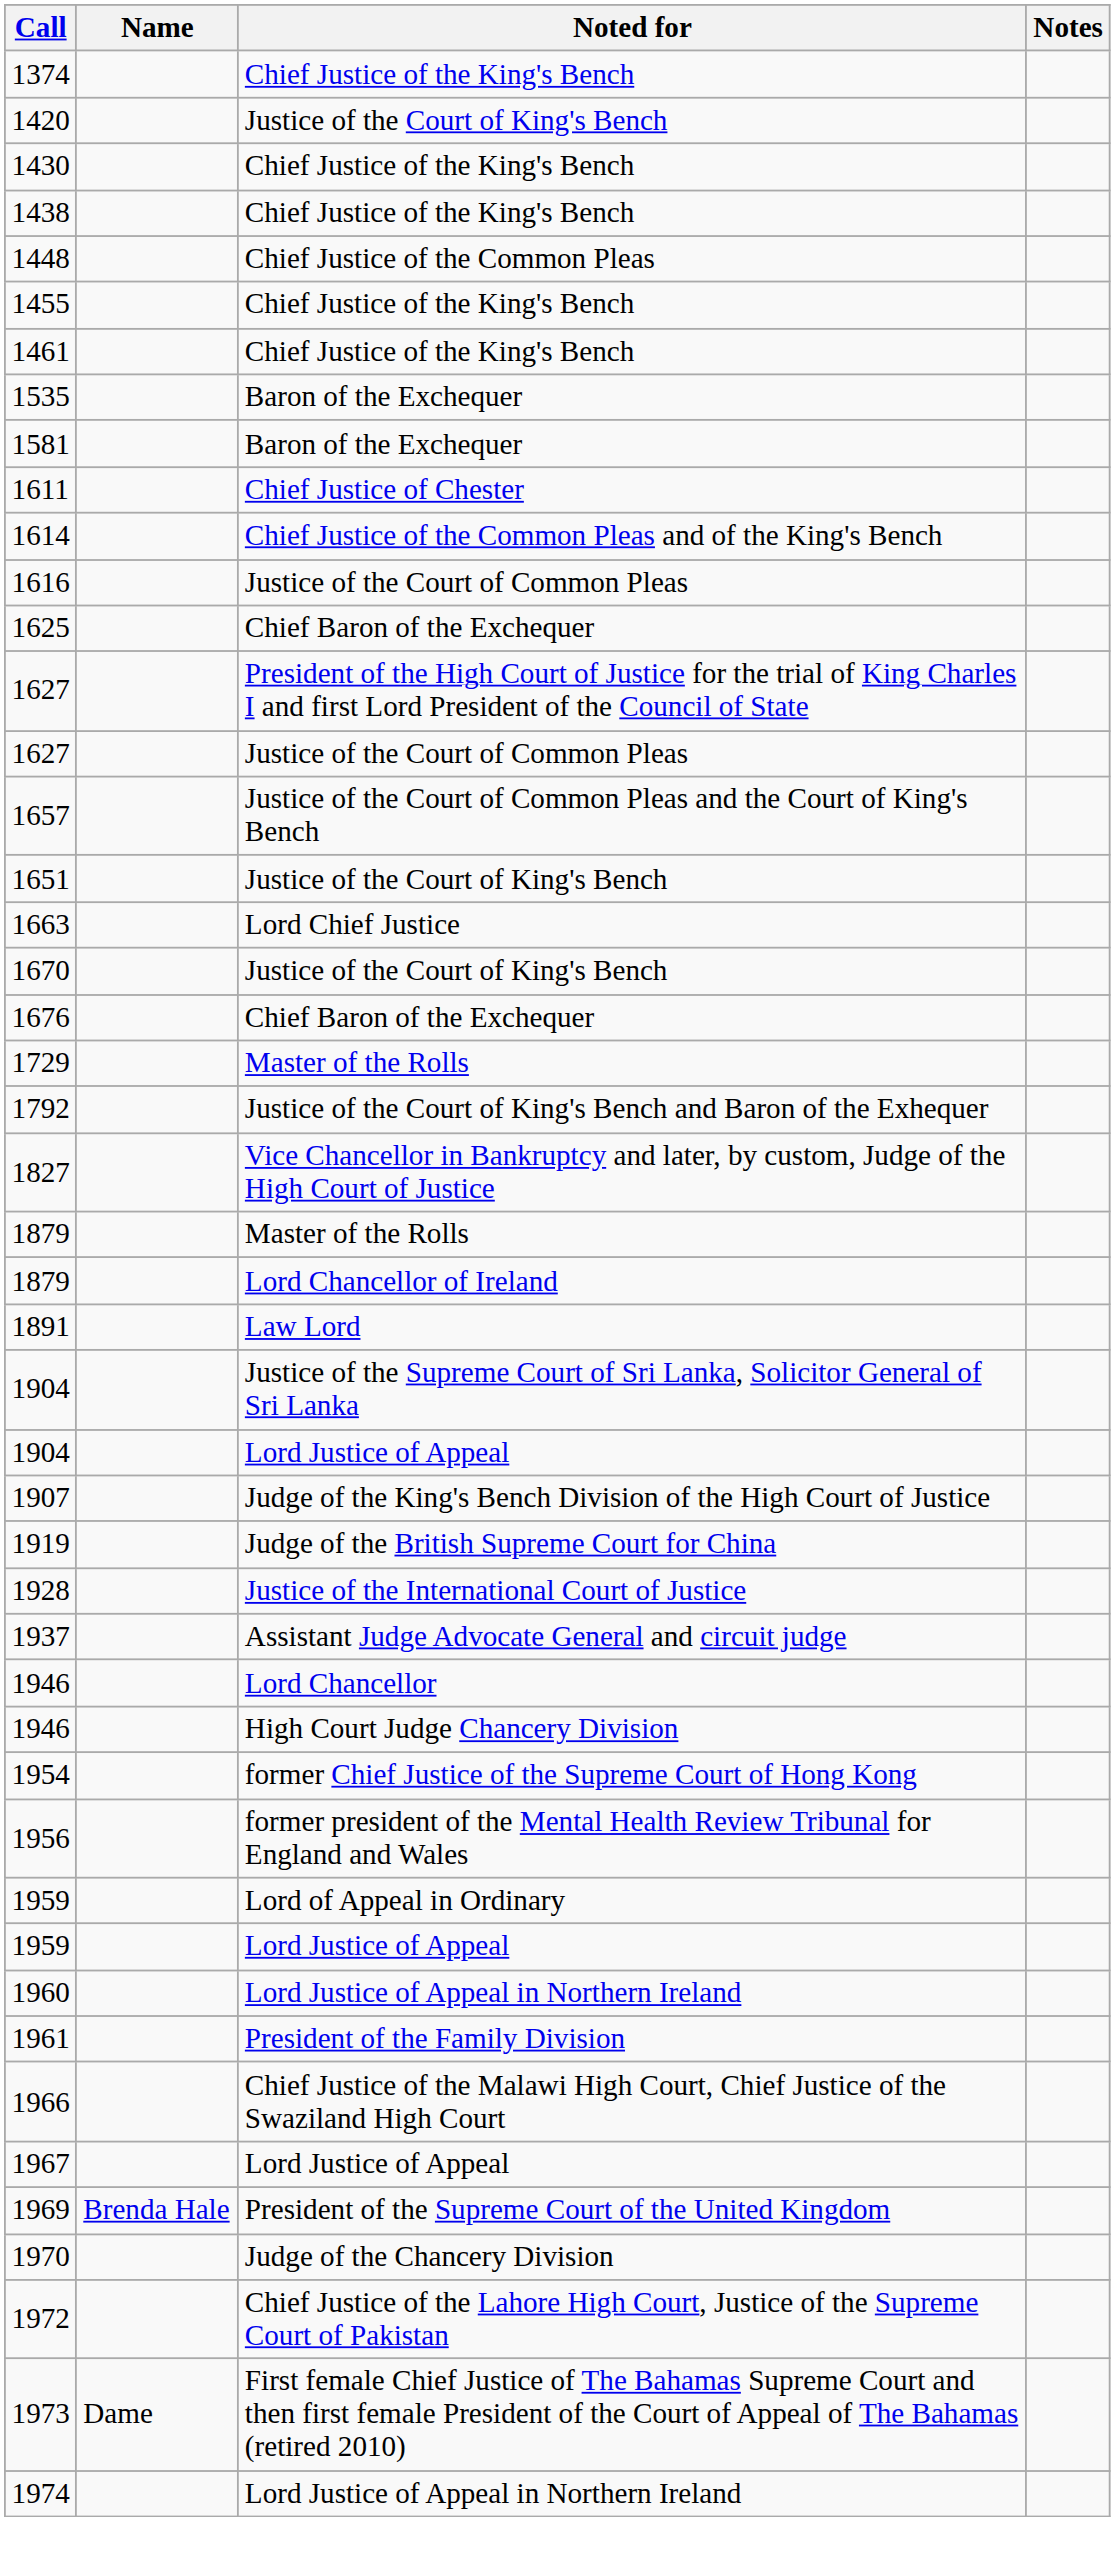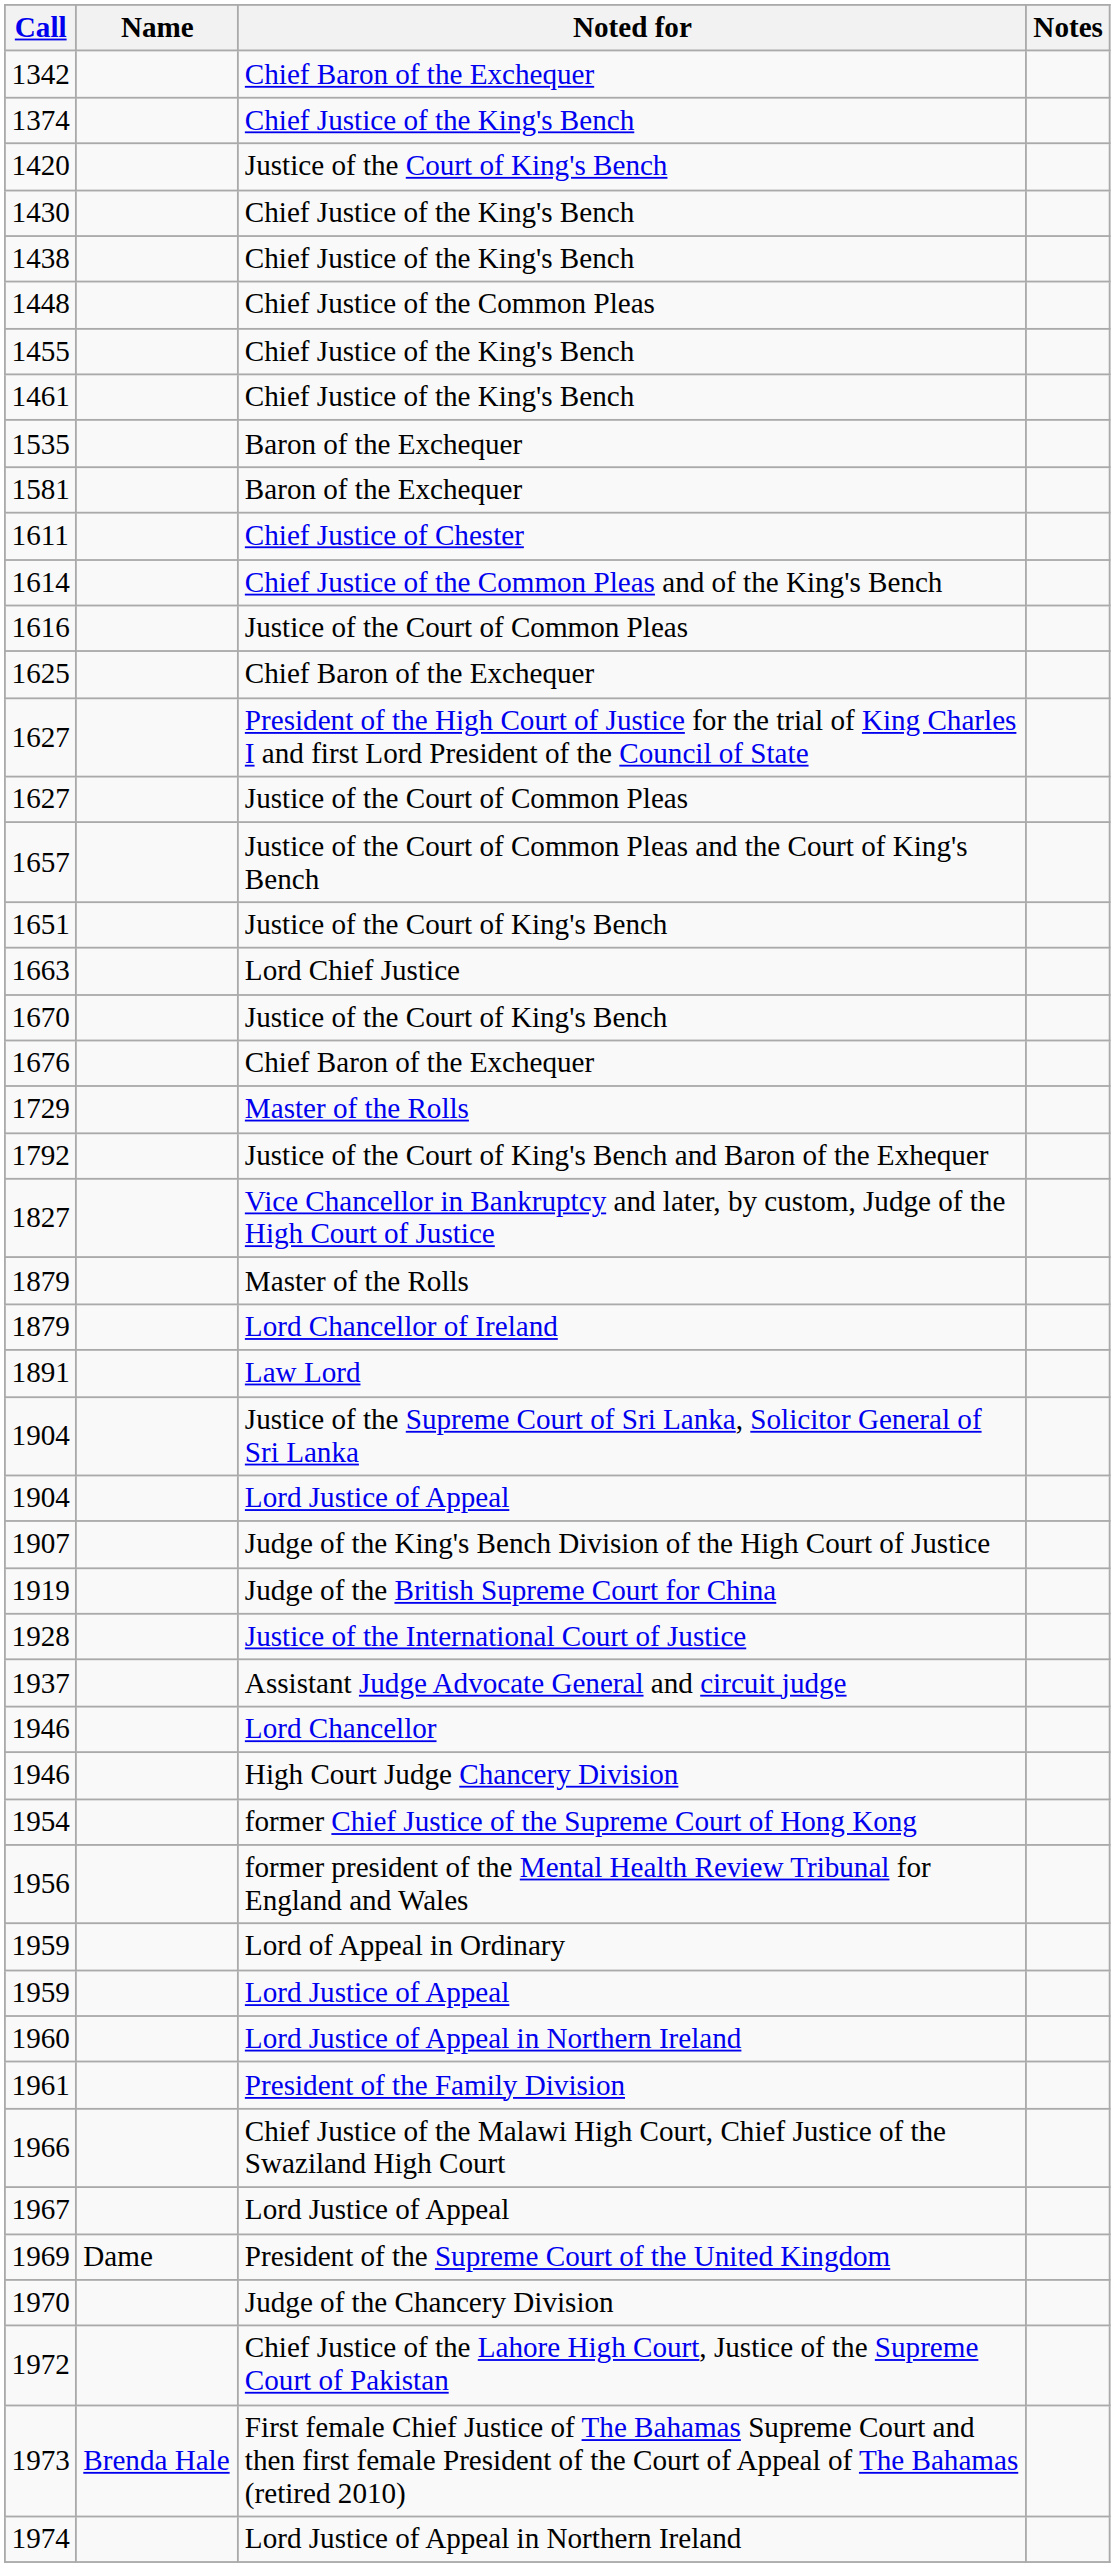 <table class="wikitable sortable" border="1" style="align:left;">
 <tr>
 <th width="4%"><a href='#'>Call</a></th>
 <th width="15%">Name</th>
 <th width="75%" class="unsortable">Noted for</th>
 <th width="2%" class="unsortable">Notes</th>
+</tr>
+<tr>
+<td>1342</td>
+<td></td>
+<td><a href='#'>Chief Baron of the Exchequer</a></td>
+<td></td>
 </tr>
 <tr>
 <td>1374</td>
 <td></td>
 <td><a href='#'>Chief Justice of the King's Bench</a></td>
 <td></td>
 </tr>
 <tr>
 <td>1420</td>
 <td></td>
 <td>Justice of the <a href='#'>Court of King's Bench</a></td>
 <td></td>
 </tr>
 <tr>
 <td>1430</td>
 <td></td>
 <td>Chief Justice of the King's Bench</td>
 <td></td>
 </tr>
 <tr>
 <td>1438</td>
 <td></td>
 <td>Chief Justice of the King's Bench</td>
 <td></td>
 </tr>
 <tr>
 <td>1448</td>
 <td></td>
 <td>Chief Justice of the Common Pleas</td>
 <td></td>
 </tr>
 <tr>
 <td>1455</td>
 <td></td>
 <td>Chief Justice of the King's Bench</td>
 <td></td>
 </tr>
 <tr>
 <td>1461</td>
 <td></td>
 <td>Chief Justice of the King's Bench</td>
 <td></td>
 </tr>
 <tr>
 <td>1535</td>
 <td></td>
 <td>Baron of the Exchequer</td>
 <td></td>
 </tr>
 <tr>
 <td>1581</td>
 <td></td>
 <td>Baron of the Exchequer</td>
 <td></td>
 </tr>
 <tr>
 <td>1611</td>
 <td></td>
 <td><a href='#'>Chief Justice of Chester</a></td>
 <td></td>
 </tr>
 <tr>
 <td>1614</td>
 <td></td>
 <td><a href='#'>Chief Justice of the Common Pleas</a> and of the King's Bench</td>
 <td></td>
 </tr>
 <tr>
 <td>1616</td>
 <td></td>
 <td>Justice of the Court of Common Pleas</td>
 <td></td>
 </tr>
 <tr>
 <td>1625</td>
 <td></td>
 <td>Chief Baron of the Exchequer</td>
 <td></td>
 </tr>
 <tr>
 <td>1627</td>
 <td></td>
 <td><a href='#'>President of the High Court of Justice</a> for the trial of <a href='#'>King Charles I</a> and first Lord President of the <a href='#'>Council of State</a></td>
 <td></td>
 </tr>
 <tr>
 <td>1627</td>
 <td></td>
 <td>Justice of the Court of Common Pleas</td>
 <td></td>
 </tr>
 <tr>
 <td>1657</td>
 <td></td>
 <td>Justice of the Court of Common Pleas and the Court of King's Bench</td>
 <td></td>
 </tr>
 <tr>
 <td>1651</td>
 <td></td>
 <td>Justice of the Court of King's Bench</td>
 <td></td>
 </tr>
 <tr>
 <td>1663</td>
 <td></td>
 <td>Lord Chief Justice</td>
 <td></td>
 </tr>
 <tr>
 <td>1670</td>
 <td></td>
 <td>Justice of the Court of King's Bench</td>
 <td></td>
 </tr>
 <tr>
 <td>1676</td>
 <td></td>
 <td>Chief Baron of the Exchequer</td>
 <td></td>
 </tr>
 <tr>
 <td>1729</td>
 <td></td>
 <td><a href='#'>Master of the Rolls</a></td>
 <td></td>
 </tr>
 <tr>
 <td>1792</td>
 <td></td>
 <td>Justice of the Court of King's Bench and Baron of the Exhequer</td>
 <td></td>
 </tr>
 <tr>
 <td>1827</td>
 <td></td>
 <td><a href='#'>Vice Chancellor in Bankruptcy</a> and later, by custom, Judge of the <a href='#'>High Court of Justice</a></td>
 <td></td>
 </tr>
 <tr>
 <td>1879</td>
 <td></td>
 <td>Master of the Rolls</td>
 <td></td>
 </tr>
 <tr>
 <td>1879</td>
 <td></td>
 <td><a href='#'>Lord Chancellor of Ireland</a></td>
 <td></td>
 </tr>
 <tr>
 <td>1891</td>
 <td></td>
 <td><a href='#'>Law Lord</a></td>
 <td></td>
 </tr>
 <tr>
 <td>1904</td>
 <td></td>
 <td>Justice of the <a href='#'>Supreme Court of Sri Lanka</a>, <a href='#'>Solicitor General of Sri Lanka</a></td>
 <td></td>
 </tr>
 <tr>
 <td>1904</td>
 <td></td>
 <td><a href='#'>Lord Justice of Appeal</a></td>
 <td></td>
 </tr>
 <tr>
 <td>1907</td>
 <td></td>
 <td>Judge of the King's Bench Division of the High Court of Justice</td>
 <td></td>
 </tr>
 <tr>
 <td>1919</td>
 <td></td>
 <td>Judge of the <a href='#'>British Supreme Court for China</a></td>
 <td></td>
 </tr>
 <tr>
 <td>1928</td>
 <td></td>
 <td><a href='#'>Justice of the International Court of Justice</a></td>
 <td></td>
 </tr>
 <tr>
 <td>1937</td>
 <td></td>
 <td>Assistant <a href='#'>Judge Advocate General</a> and <a href='#'>circuit judge</a></td>
 <td></td>
 </tr>
 <tr>
 <td>1946</td>
 <td></td>
 <td><a href='#'>Lord Chancellor</a></td>
 <td></td>
 </tr>
 <tr>
 <td>1946</td>
 <td></td>
 <td>High Court Judge <a href='#'>Chancery Division</a></td>
 <td></td>
 </tr>
 <tr>
 <td>1954</td>
 <td></td>
 <td>former <a href='#'>Chief Justice of the Supreme Court of Hong Kong</a></td>
 <td></td>
 </tr>
 <tr>
 <td>1956</td>
 <td></td>
 <td>former president of the <a href='#'>Mental Health Review Tribunal</a> for England and Wales</td>
 <td></td>
 </tr>
 <tr>
 <td>1959</td>
 <td></td>
 <td>Lord of Appeal in Ordinary</td>
 <td></td>
 </tr>
 <tr>
 <td>1959</td>
 <td></td>
 <td><a href='#'>Lord Justice of Appeal</a></td>
 <td></td>
 </tr>
 <tr>
 <td>1960</td>
 <td></td>
 <td><a href='#'>Lord Justice of Appeal in Northern Ireland</a></td>
 <td></td>
 </tr>
 <tr>
 <td>1961</td>
 <td></td>
 <td><a href='#'>President of the Family Division</a></td>
 <td></td>
 </tr>
 <tr>
 <td>1966</td>
 <td></td>
 <td>Chief Justice of the Malawi High Court, Chief Justice of the Swaziland High Court</td>
 <td></td>
 </tr>
 <tr>
 <td>1967</td>
 <td></td>
 <td>Lord Justice of Appeal</td>
 <td></td>
 </tr>
 <tr>
 <td>1969</td>
-<td><a href='#'>Brenda Hale</a></td>
+<td>Dame </td>
 <td>President of the <a href='#'>Supreme Court of the United Kingdom</a></td>
 <td></td>
 </tr>
 <tr>
 <td>1970</td>
 <td></td>
 <td>Judge of the Chancery Division</td>
 <td></td>
 </tr>
 <tr>
 <td>1972</td>
 <td></td>
 <td>Chief Justice of the <a href='#'>Lahore High Court</a>, Justice of the <a href='#'>Supreme Court of Pakistan</a></td>
 <td></td>
 </tr>
 <tr>
 <td>1973</td>
-<td>Dame </td>
+<td><a href='#'>Brenda Hale</a></td>
 <td>First female Chief Justice of <a href='#'>The Bahamas</a> Supreme Court and then first female President of the Court of Appeal of <a href='#'>The Bahamas</a> (retired 2010)</td>
 <td></td>
 </tr>
 <tr>
 <td>1974</td>
 <td></td>
 <td>Lord Justice of Appeal in Northern Ireland</td>
 <td></td>
 </tr>
 </table>
